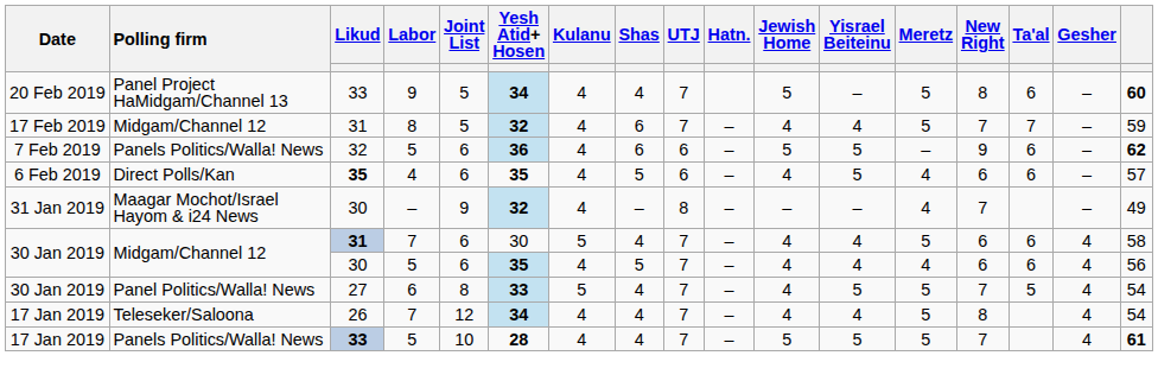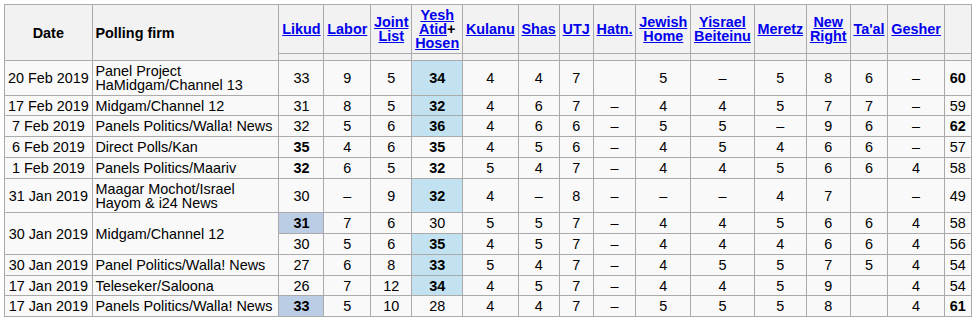 <table class="wikitable" style="text-align:center; font-size:90%; line-height:14px;">
 <tr>
 <th rowspan="2">Date</th>
 <th style="width:180px;text-align:left;" rowspan="2">Polling firm</th>
 <th><a href='#'>Likud</a></th>
 <th><a href='#'>Labor</a></th>
 <th><a href='#'>Joint<br>List</a></th>
 <th><a href='#'>Yesh<br>Atid</a>+<br><a href='#'>Hosen</a></th>
 <th><a href='#'>Kulanu</a></th>
 <th><a href='#'>Shas</a></th>
 <th><a href='#'>UTJ</a></th>
 <th><a href='#'>Hatn.</a></th>
 <th><a href='#'>Jewish<br>Home</a></th>
 <th><a href='#'>Yisrael<br>Beiteinu</a></th>
 <th><a href='#'>Meretz</a></th>
 <th><a href='#'>New<br>Right</a></th>
 <th><a href='#'>Ta'al</a></th>
 <th><a href='#'>Gesher</a></th>
 <th style="width:20px;"></th>
 </tr>
 <tr>
 <th style="color:inherit;background:"></th>
 <th style="color:inherit;background:"></th>
 <th style="color:inherit;background:"></th>
 <th style="color:inherit;background:"></th>
 <th style="color:inherit;background:"></th>
 <th style="color:inherit;background:"></th>
 <th style="color:inherit;background:"></th>
 <th style="color:inherit;background:"></th>
 <th style="color:inherit;background:"></th>
 <th style="color:inherit;background:"></th>
 <th style="color:inherit;background:"></th>
 <th style="color:inherit;background:"></th>
 <th style="color:inherit;background:"></th>
 <th style="color:inherit;background:"></th>
 <th style="color:inherit;background:"></th>
 </tr>
 <tr>
 <td>20 Feb 2019</td>
 <td style="text-align:left;">Panel Project HaMidgam/Channel 13</td>
 <td>33					</td>
 <td>9					</td>
 <td>5					</td>
 <td style="background:#C3E2F1"><strong>34</strong>  </td>
 <td>4					</td>
 <td>4					</td>
 <td>7					</td>
 <td>				</td>
 <td>5					</td>
 <td>–					</td>
 <td>5					</td>
 <td>8					</td>
 <td>6					</td>
 <td>–					</td>
 <td style="background:"><strong>60</strong>	</td>
 </tr>
 <tr>
 <td>17 Feb 2019</td>
 <td style="text-align:left;">Midgam/Channel 12</td>
 <td>31					</td>
 <td>8					</td>
 <td>5					</td>
 <td style="background:#C3E2F1"><strong>32</strong></td>
 <td>4					</td>
 <td>6					</td>
 <td>7					</td>
 <td>–					</td>
 <td>4					</td>
 <td>4					</td>
 <td>5					</td>
 <td>7					</td>
 <td>7					</td>
 <td>–					</td>
 <td>59					</td>
 </tr>
 <tr>
 <td>7 Feb 2019</td>
 <td style="text-align:left;">Panels Politics/Walla! News</td>
 <td>32					</td>
 <td>5					</td>
 <td>6					</td>
 <td style="background:#C3E2F1"><strong>36</strong>  </td>
 <td>4					</td>
 <td>6					</td>
 <td>6					</td>
 <td>–					</td>
 <td>5					</td>
 <td>5					</td>
 <td>–					</td>
 <td>9					</td>
 <td>6					</td>
 <td>–					</td>
 <td style="background:"><strong>62</strong>	</td>
 </tr>
 <tr>
 <td>6 Feb 2019</td>
 <td style="text-align:left;">Direct Polls/Kan</td>
 <td><strong>35</strong>				</td>
 <td>4					</td>
 <td>6					</td>
 <td><strong>35</strong>				</td>
 <td>4					</td>
 <td>5					</td>
 <td>6					</td>
 <td>–					</td>
 <td>4					</td>
 <td>5					</td>
 <td>4					</td>
 <td>6					</td>
 <td>6					</td>
 <td>–					</td>
 <td>57					</td>
 </tr>
 <tr>
+<td>1 Feb 2019</td>
+<td style="text-align:left;">Panels Politics/Maariv</td>
+<td><strong>32</strong>				</td>
+<td>6					</td>
+<td>5					</td>
+<td><strong>32</strong>				</td>
+<td>5					</td>
+<td>4					</td>
+<td>7					</td>
+<td>–					</td>
+<td>4					</td>
+<td>4					</td>
+<td>5					</td>
+<td>6					</td>
+<td>6					</td>
+<td>4					</td>
+<td>58					</td>
+</tr>
+<tr>
 <td>31 Jan 2019</td>
 <td style="text-align:left;">Maagar Mochot/Israel Hayom & i24 News</td>
 <td>30					</td>
 <td>–					</td>
 <td>9					</td>
 <td style="background:#C3E2F1"><strong>32</strong>	</td>
 <td>4					</td>
 <td>–					</td>
 <td>8					</td>
 <td>–					</td>
 <td>–					</td>
 <td>–					</td>
 <td>4					</td>
 <td>7					</td>
 <td>				</td>
 <td>–					</td>
 <td>49					</td>
 </tr>
 <tr>
 <td rowspan="2">30 Jan 2019</td>
 <td style="text-align:left;" rowspan="2">Midgam/Channel 12</td>
 <td style="background:#BBCDE4"><strong>31</strong>	</td>
 <td>7					</td>
 <td>6					</td>
 <td>30					</td>
 <td>5					</td>
-<td>4					</td>
+<td>5					</td>
 <td>7					</td>
 <td>–					</td>
 <td>4					</td>
 <td>4					</td>
 <td>5					</td>
 <td>6					</td>
 <td>6					</td>
 <td>4					</td>
 <td>58					</td>
 </tr>
 <tr>
 <td>30					</td>
 <td>5					</td>
 <td>6					</td>
 <td style="background:#C3E2F1"><strong>35</strong>	</td>
 <td>4					</td>
 <td>5					</td>
 <td>7					</td>
 <td>–					</td>
 <td>4					</td>
 <td>4					</td>
 <td>4					</td>
 <td>6					</td>
 <td>6					</td>
 <td>4					</td>
 <td>56					</td>
 </tr>
 <tr>
 <td>30 Jan 2019</td>
 <td style="text-align:left;">Panel Politics/Walla! News</td>
 <td>27					</td>
 <td>6					</td>
 <td>8					</td>
 <td style="background:#C3E2F1"><strong>33</strong>	</td>
 <td>5					</td>
 <td>4					</td>
 <td>7					</td>
 <td>–					</td>
 <td>4					</td>
 <td>5					</td>
 <td>5					</td>
 <td>7					</td>
 <td>5					</td>
 <td>4					</td>
 <td>54					</td>
 </tr>
 <tr>
 <td>17 Jan 2019</td>
 <td style="text-align:left;">Teleseker/Saloona</td>
 <td>26					</td>
 <td>7					</td>
 <td>12					</td>
 <td style="background:#C3E2F1"><strong>34</strong>	</td>
 <td>4					</td>
-<td>4					</td>
+<td>5					</td>
 <td>7					</td>
 <td>–					</td>
 <td>4					</td>
 <td>4					</td>
 <td>5					</td>
-<td>8					</td>
+<td>9					</td>
 <td>				</td>
 <td>4					</td>
 <td>54					</td>
 </tr>
 <tr>
 <td>17 Jan 2019</td>
 <td style="text-align:left;">Panels Politics/Walla! News</td>
 <td style="background:#BBCDE4"><strong>33</strong>	</td>
 <td>5					</td>
 <td>10					</td>
-<td><strong>28					</strong></td>
+<td>28					</td>
 <td>4					</td>
 <td>4					</td>
 <td>7					</td>
 <td>–					</td>
 <td>5					</td>
 <td>5					</td>
 <td>5					</td>
-<td>7					</td>
+<td>8					</td>
 <td>				</td>
 <td>4					</td>
 <td style="background:"><strong>61</strong>	</td>
 </tr>
 </table>
